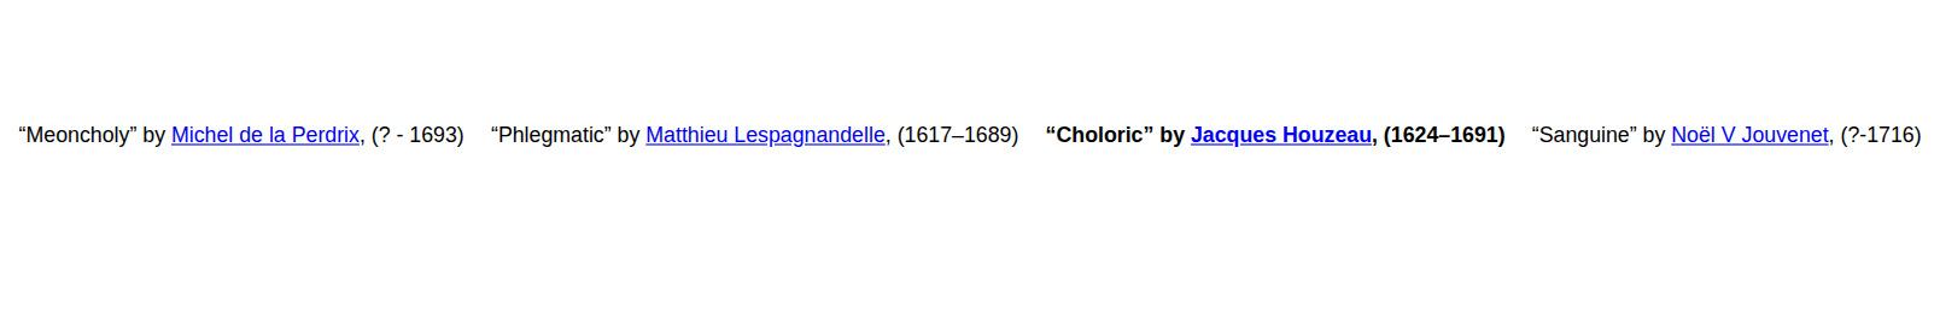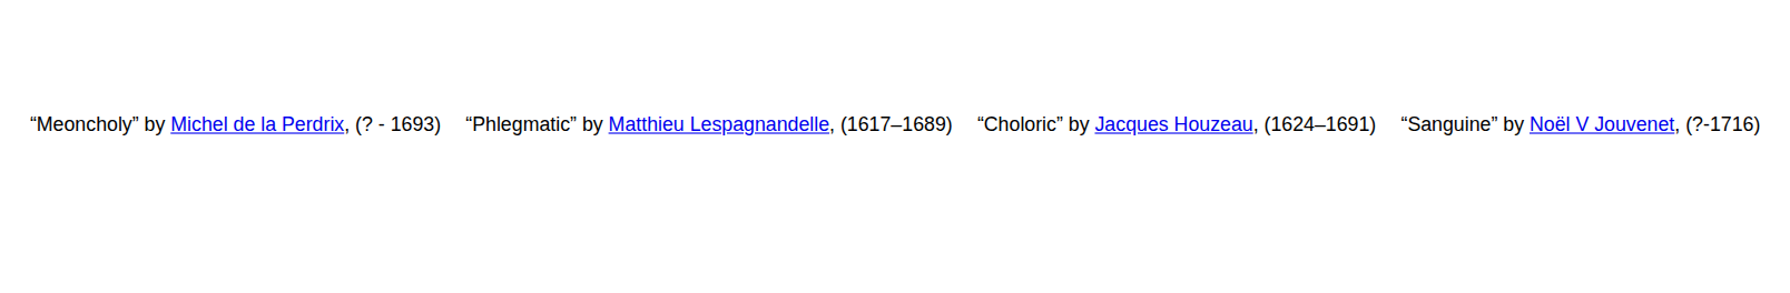 <table style="background:white; color:black" border="0" height="230" align="center" valign="bottom" cellpadding=10px cellspacing=0px>
 <tr align="center">
 <td></td>
 <td></td>
 <td></td>
 <td></td>
 </tr>
 <tr align="center" valign="top">
 <td width=“200”>“Meoncholy” by <a href='#'>Michel de la Perdrix</a>, (? - 1693)</td>
 <td width=“200”>“Phlegmatic” by <a href='#'>Matthieu Lespagnandelle</a>, (1617–1689)</td>
-<td width=“200”><strong>“Choloric” by <a href='#'>Jacques Houzeau</a>, (1624–1691)</strong></td>
+<td width=“200”>“Choloric” by <a href='#'>Jacques Houzeau</a>, (1624–1691)</td>
 <td width=“200”>“Sanguine” by <a href='#'>Noël V Jouvenet</a>, (?-1716)</td>
 </tr>
 </table>
